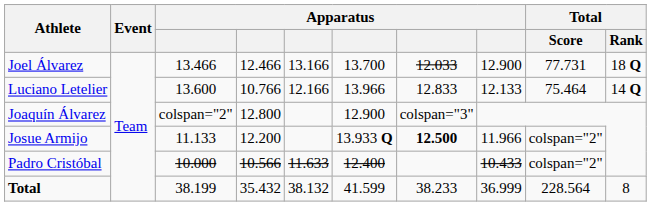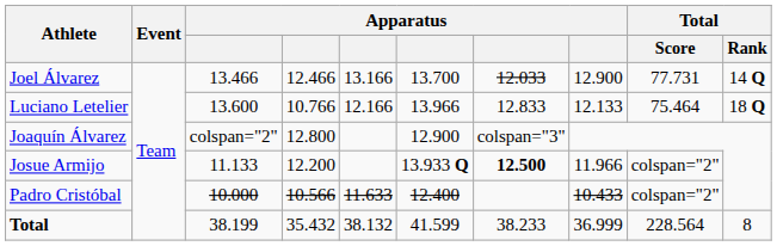 <table class=wikitable style=font-size:90%;text-align:center>
 <tr>
 <th rowspan=2>Athlete</th>
 <th rowspan=2>Event</th>
 <th colspan=6>Apparatus</th>
 <th colspan=2>Total</th>
 </tr>
 <tr style=font-size:95%>
 <th></th>
 <th></th>
 <th></th>
 <th></th>
 <th></th>
 <th></th>
 <th>Score</th>
 <th>Rank</th>
 </tr>
 <tr>
 <td align=left><a href='#'>Joel Álvarez</a></td>
 <td align=left rowspan="6"><a href='#'>Team</a></td>
 <td>13.466</td>
 <td>12.466</td>
 <td>13.166</td>
 <td>13.700</td>
 <td><s>12.033</s></td>
 <td>12.900</td>
 <td>77.731</td>
-<td>18 <strong>Q</strong></td>
+<td>14 <strong>Q</strong></td>
 </tr>
 <tr>
 <td align=left><a href='#'>Luciano Letelier</a></td>
 <td>13.600</td>
 <td>10.766</td>
 <td>12.166</td>
 <td>13.966</td>
 <td>12.833</td>
 <td>12.133</td>
 <td>75.464</td>
-<td>14 <strong>Q</strong></td>
+<td>18 <strong>Q</strong></td>
 </tr>
 <tr>
 <td align=left><a href='#'>Joaquín Álvarez</a></td>
 <td>colspan="2" </td>
 <td>12.800</td>
 <td></td>
 <td>12.900</td>
 <td>colspan="3" </td>
 </tr>
 <tr>
 <td align=left><a href='#'>Josue Armijo</a></td>
 <td>11.133</td>
 <td>12.200</td>
 <td></td>
 <td>13.933 <strong>Q</strong></td>
 <td><strong>12.500</strong></td>
 <td>11.966</td>
 <td>colspan="2" </td>
 </tr>
 <tr>
 <td align=left><a href='#'>Padro Cristóbal</a></td>
 <td><s>10.000</s></td>
 <td><s>10.566</s></td>
 <td><s>11.633</s></td>
 <td><s>12.400</s></td>
 <td></td>
 <td><s>10.433</s></td>
 <td>colspan="2" </td>
 </tr>
 <tr>
 <td align=left><strong>Total</strong></td>
 <td>38.199</td>
 <td>35.432</td>
 <td>38.132</td>
 <td>41.599</td>
 <td>38.233</td>
 <td>36.999</td>
 <td>228.564</td>
 <td>8</td>
 </tr>
 </table>
